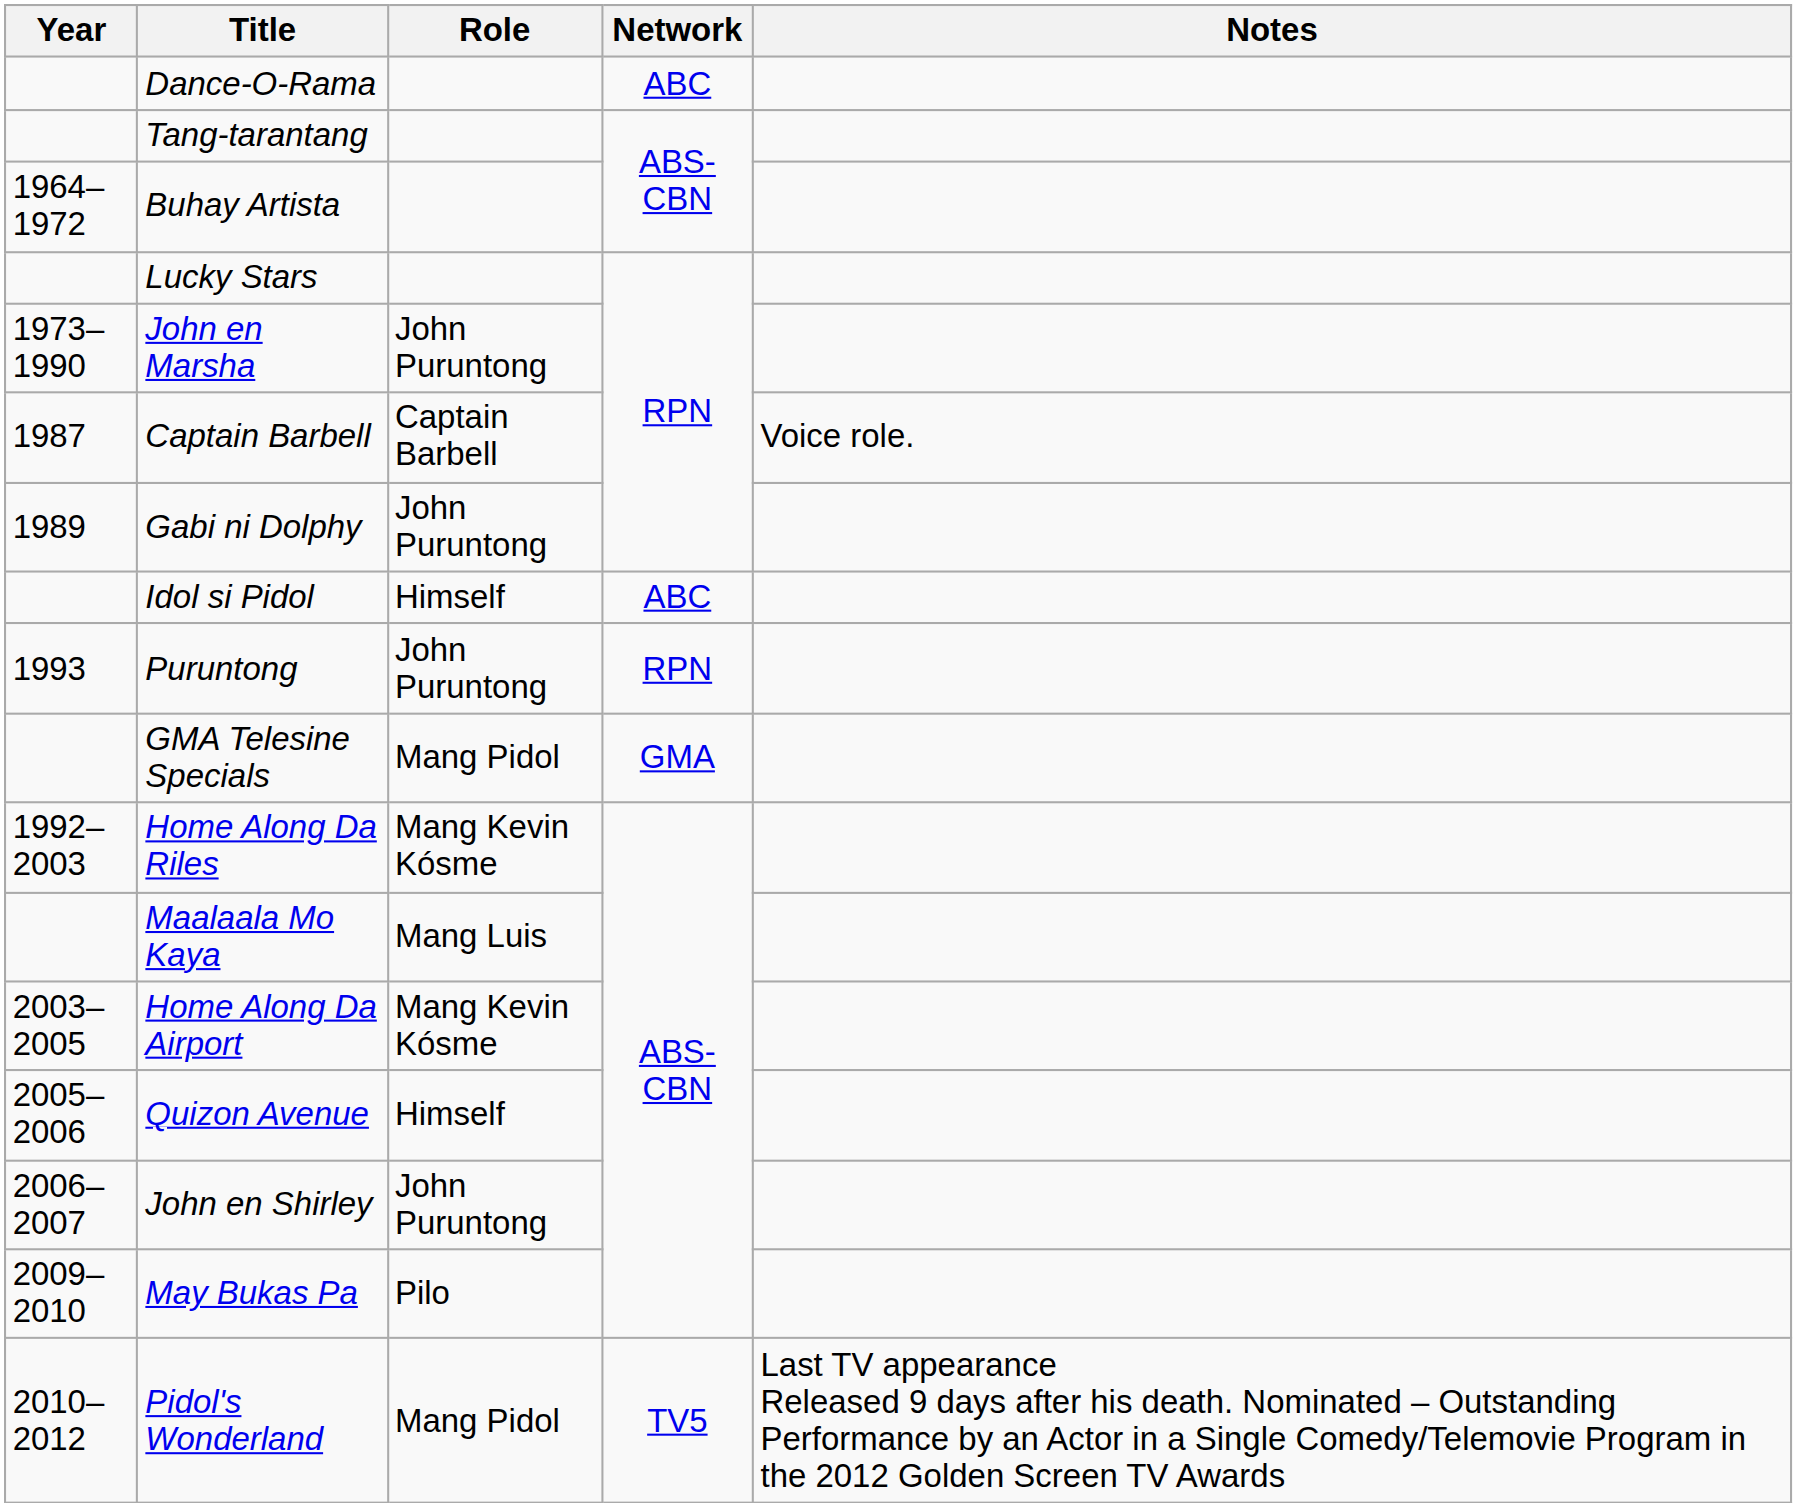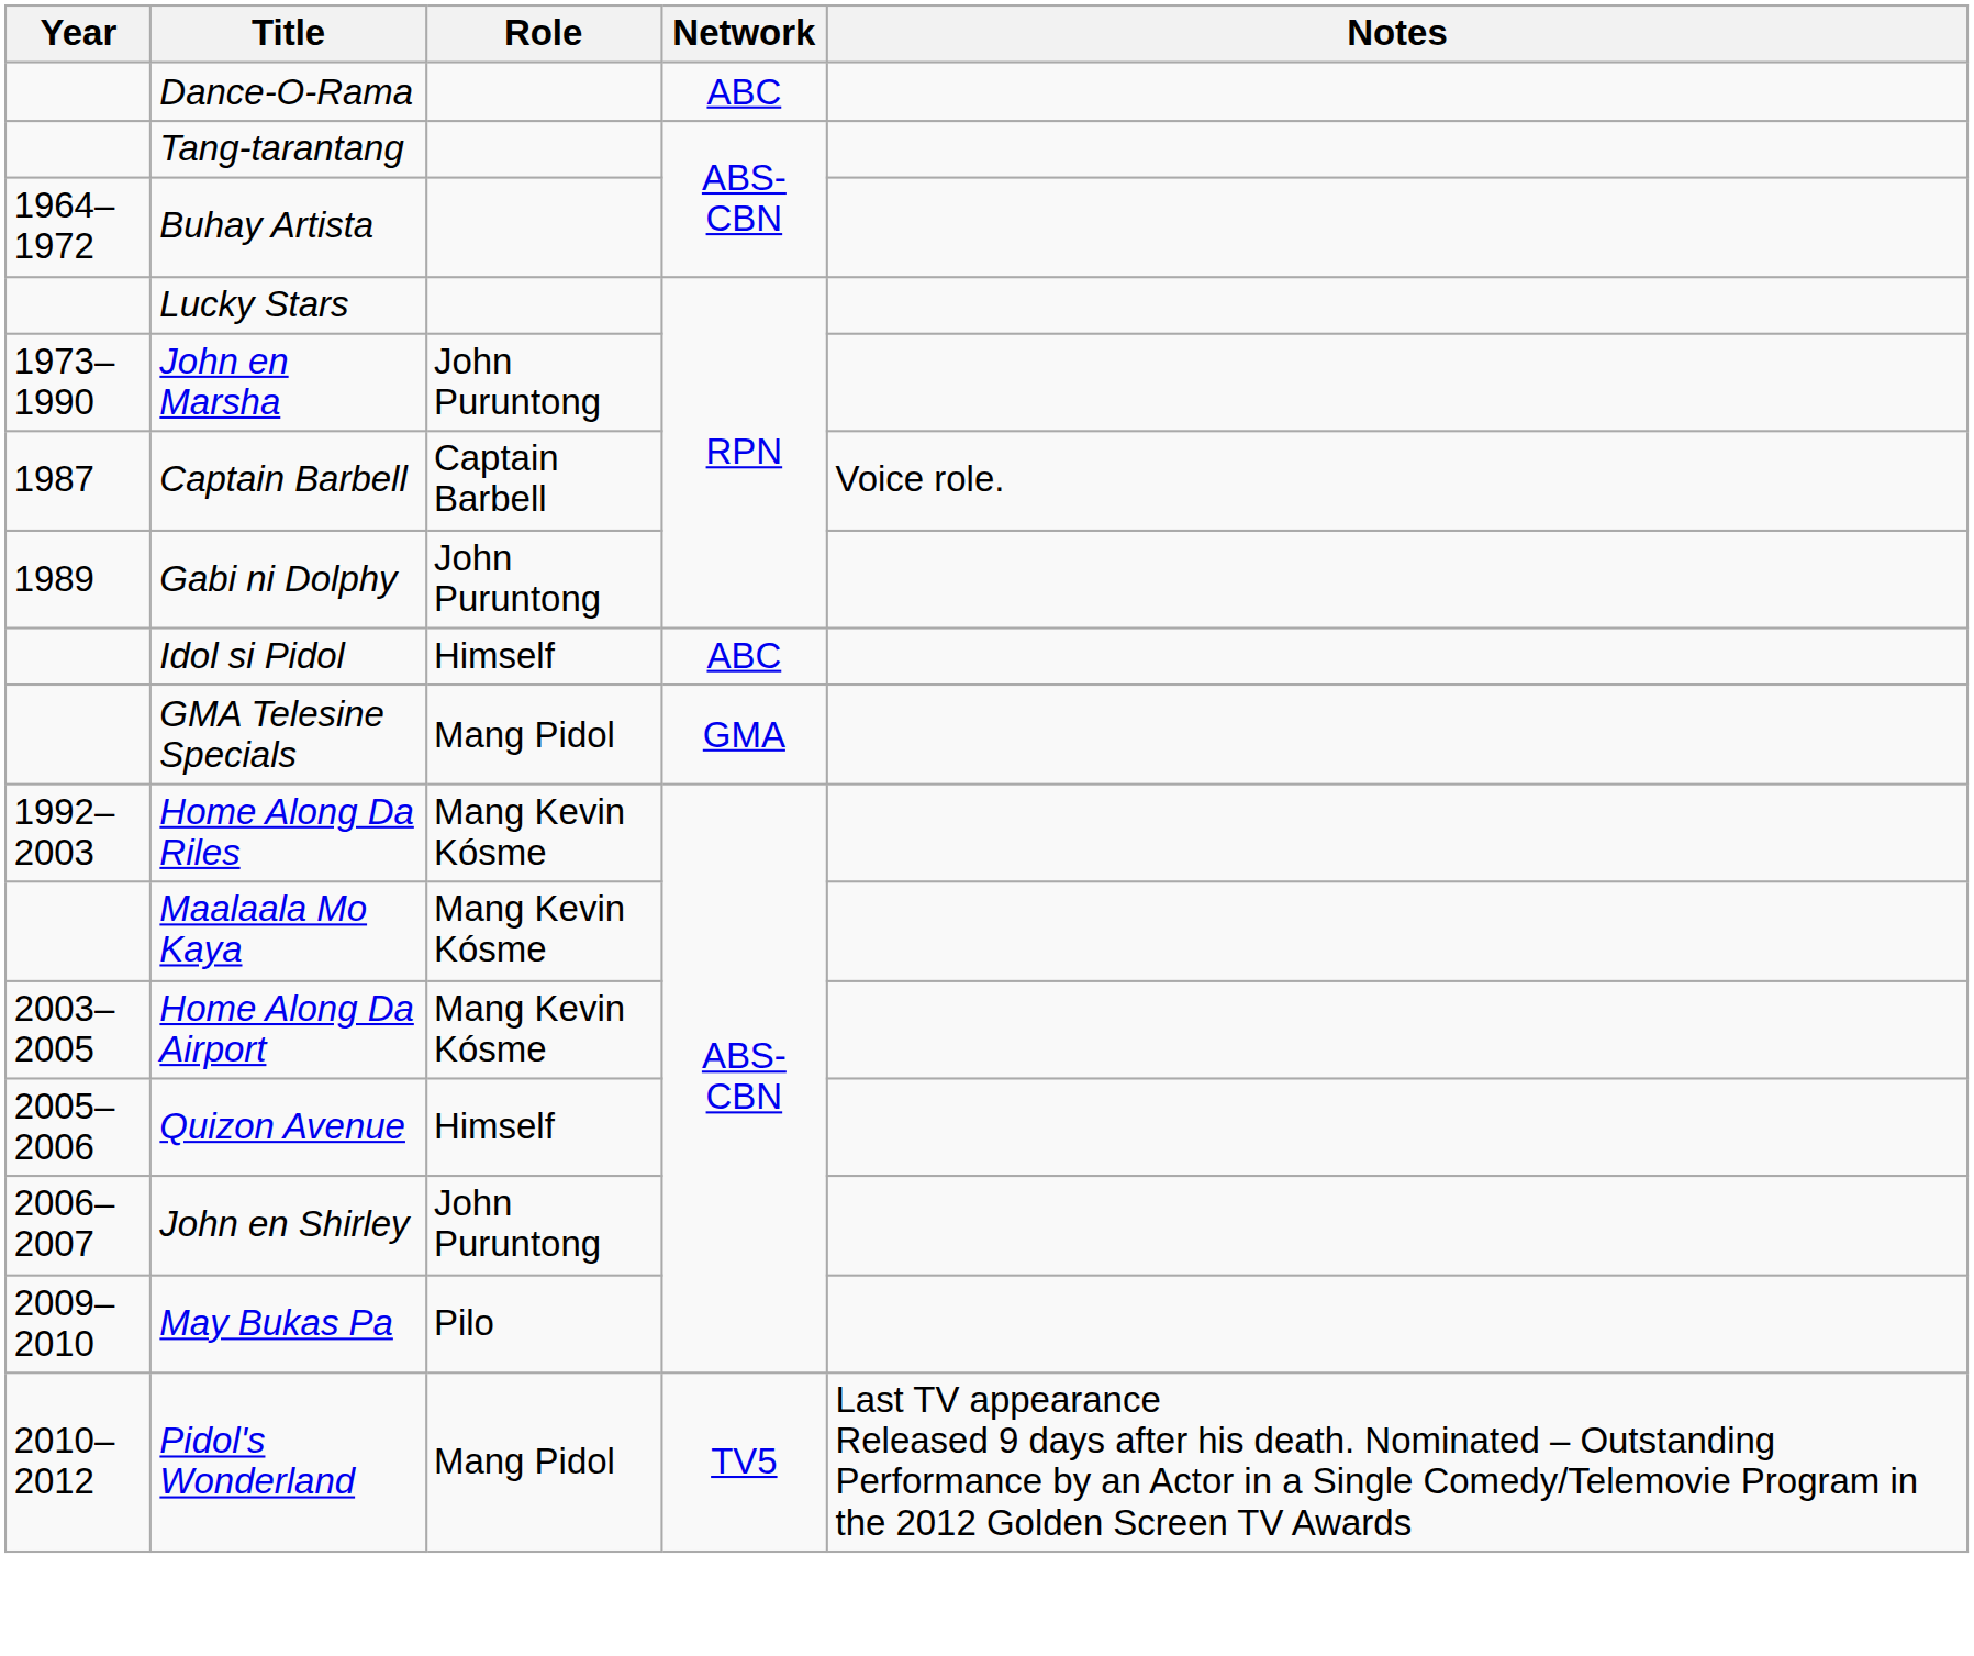 <table class="wikitable">
 <tr>
 <th>Year</th>
 <th>Title</th>
 <th>Role</th>
 <th>Network</th>
 <th>Notes</th>
 </tr>
 <tr>
 <td></td>
 <td><em>Dance-O-Rama</em></td>
 <td></td>
 <td style="text-align:center;"><a href='#'>ABC</a></td>
 <td></td>
 </tr>
 <tr>
 <td></td>
 <td><em>Tang-tarantang</em></td>
 <td></td>
 <td rowspan="2" style="text-align:center;"><a href='#'>ABS-CBN</a></td>
 <td></td>
 </tr>
 <tr>
 <td>1964–1972</td>
 <td><em>Buhay Artista</em></td>
 <td></td>
 <td></td>
 </tr>
 <tr>
 <td></td>
 <td><em>Lucky Stars</em></td>
 <td></td>
 <td rowspan="4" style="text-align:center;"><a href='#'>RPN</a></td>
 <td></td>
 </tr>
 <tr>
 <td>1973–1990</td>
 <td><em><a href='#'>John en Marsha</a></em></td>
 <td>John Puruntong</td>
 <td></td>
 </tr>
 <tr>
 <td>1987</td>
 <td><em>Captain Barbell</em></td>
 <td>Captain Barbell</td>
 <td>Voice role.</td>
 </tr>
 <tr>
 <td>1989</td>
 <td><em>Gabi ni Dolphy</em></td>
 <td>John Puruntong</td>
 <td></td>
 </tr>
 <tr>
 <td></td>
 <td><em>Idol si Pidol</em></td>
 <td>Himself</td>
 <td style="text-align:center;"><a href='#'>ABC</a></td>
 <td></td>
 </tr>
 <tr>
-<td>1993</td>
-<td><em>Puruntong</em></td>
-<td>John Puruntong</td>
-<td style="text-align:center;"><a href='#'>RPN</a></td>
-<td></td>
-</tr>
-<tr>
 <td></td>
 <td><em>GMA Telesine Specials</em></td>
 <td>Mang Pidol</td>
 <td style="text-align:center;"><a href='#'>GMA</a></td>
 <td></td>
 </tr>
 <tr>
 <td>1992–2003</td>
 <td><em><a href='#'>Home Along Da Riles</a></em></td>
 <td>Mang Kevin Kósme</td>
 <td rowspan="6" style="text-align:center;"><a href='#'>ABS-CBN</a></td>
 <td></td>
 </tr>
 <tr>
 <td></td>
 <td><em><a href='#'>Maalaala Mo Kaya</a></em></td>
-<td>Mang Luis</td>
+<td>Mang Kevin Kósme</td>
 <td></td>
 </tr>
 <tr>
 <td>2003–2005</td>
 <td><em><a href='#'>Home Along Da Airport</a></em></td>
 <td>Mang Kevin Kósme</td>
 <td></td>
 </tr>
 <tr>
 <td>2005–2006</td>
 <td><em><a href='#'>Quizon Avenue</a></em></td>
 <td>Himself</td>
 <td></td>
 </tr>
 <tr>
 <td>2006–2007</td>
 <td><em>John en Shirley</em></td>
 <td>John Puruntong</td>
 <td></td>
 </tr>
 <tr>
 <td>2009–2010</td>
 <td><em><a href='#'>May Bukas Pa</a></em></td>
 <td>Pilo</td>
 <td></td>
 </tr>
 <tr>
 <td>2010–2012</td>
 <td><em><a href='#'>Pidol's Wonderland</a></em></td>
 <td>Mang Pidol</td>
 <td style="text-align:center;"><a href='#'>TV5</a></td>
 <td>Last TV appearance<br>Released 9 days after his death. Nominated – Outstanding Performance by an Actor in a Single Comedy/Telemovie Program in the 2012 Golden Screen TV Awards</td>
 </tr>
 </table>
